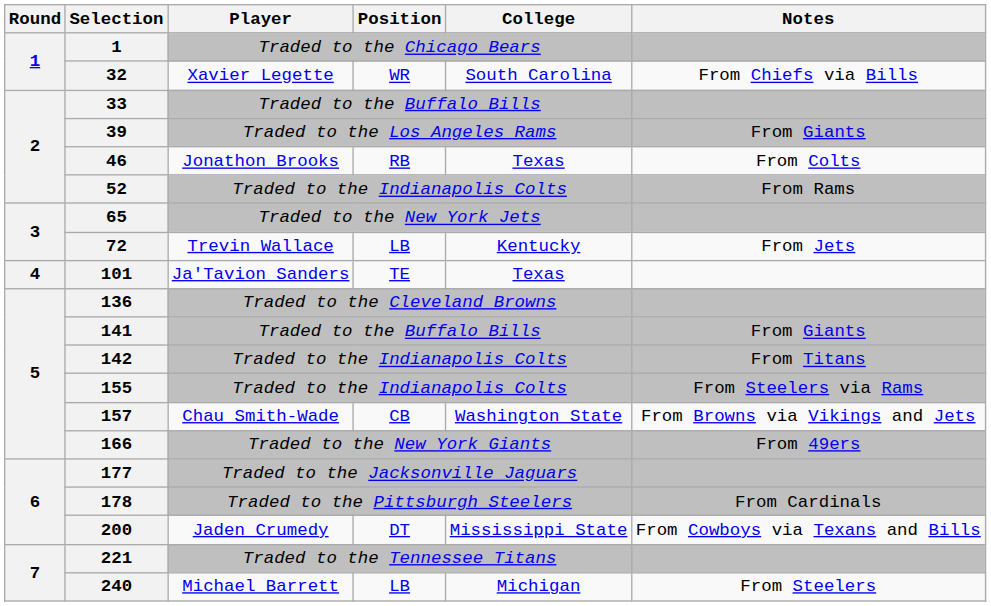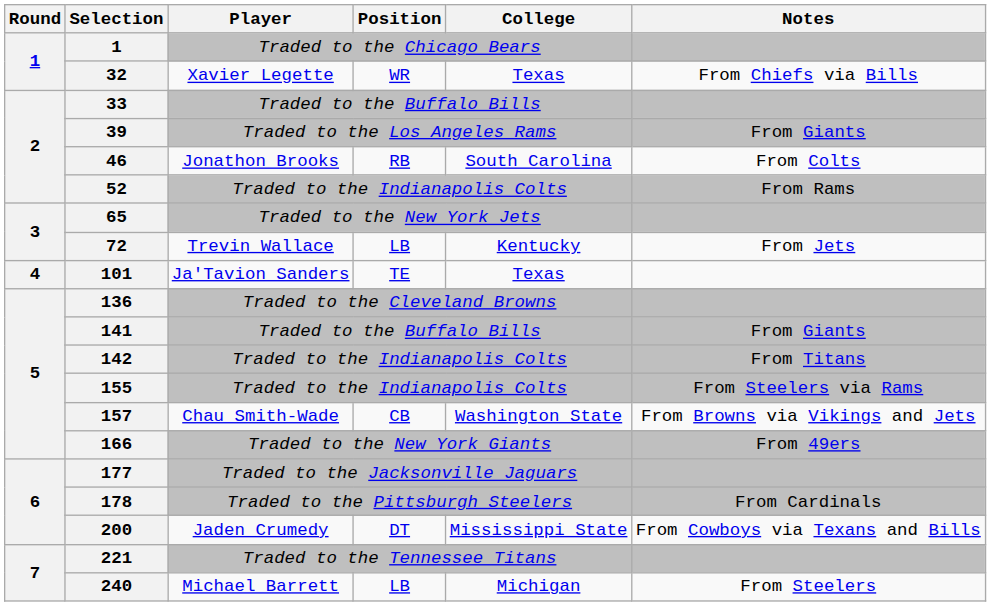 <table class="wikitable" style="text-align:center">
 <tr>
 <th>Round</th>
 <th>Selection</th>
 <th>Player</th>
 <th>Position</th>
 <th>College</th>
 <th>Notes</th>
 </tr>
 <tr>
 <th rowspan="2"><a href='#'>1</a></th>
 <th>1</th>
 <td colspan="3" style="background:#BFBFBF"><em>Traded to the <a href='#'>Chicago Bears</a></em></td>
 <td style="background:#BFBFBF"></td>
 </tr>
 <tr>
 <th>32</th>
 <td><a href='#'>Xavier Legette</a></td>
 <td><a href='#'>WR</a></td>
-<td><a href='#'>South Carolina</a></td>
+<td><a href='#'>Texas</a></td>
 <td>From <a href='#'>Chiefs</a> via <a href='#'>Bills</a></td>
 </tr>
 <tr>
 <th rowspan="4">2</th>
 <th>33</th>
 <td colspan="3" style="background:#BFBFBF"><em>Traded to the <a href='#'>Buffalo Bills</a></em></td>
 <td style="background:#BFBFBF"></td>
 </tr>
 <tr>
 <th>39</th>
 <td colspan="3" style="background:#BFBFBF"><em>Traded to the <a href='#'>Los Angeles Rams</a></em></td>
 <td style="background:#BFBFBF">From <a href='#'>Giants</a></td>
 </tr>
 <tr>
 <th>46</th>
 <td><a href='#'>Jonathon Brooks</a></td>
 <td><a href='#'>RB</a></td>
-<td><a href='#'>Texas</a></td>
+<td><a href='#'>South Carolina</a></td>
 <td>From <a href='#'>Colts</a></td>
 </tr>
 <tr>
 <th>52</th>
 <td colspan="3" style="background:#BFBFBF"><em>Traded to the <a href='#'>Indianapolis Colts</a></em></td>
 <td style="background:#BFBFBF">From Rams</td>
 </tr>
 <tr>
 <th rowspan="2">3</th>
 <th>65</th>
 <td colspan="3" style="background:#BFBFBF"><em>Traded to the <a href='#'>New York Jets</a></em></td>
 <td style="background:#BFBFBF"></td>
 </tr>
 <tr>
 <th>72</th>
 <td><a href='#'>Trevin Wallace</a></td>
 <td><a href='#'>LB</a></td>
 <td><a href='#'>Kentucky</a></td>
 <td>From <a href='#'>Jets</a></td>
 </tr>
 <tr>
 <th>4</th>
 <th>101</th>
 <td><a href='#'>Ja'Tavion Sanders</a></td>
 <td><a href='#'>TE</a></td>
 <td><a href='#'>Texas</a></td>
 <td></td>
 </tr>
 <tr>
 <th rowspan="6">5</th>
 <th>136</th>
 <td colspan="3" style="background:#BFBFBF"><em>Traded to the <a href='#'>Cleveland Browns</a></em></td>
 <td style="background:#BFBFBF"></td>
 </tr>
 <tr>
 <th>141</th>
 <td colspan="3" style="background:#BFBFBF"><em>Traded to the <a href='#'>Buffalo Bills</a></em></td>
 <td style="background:#BFBFBF">From <a href='#'>Giants</a></td>
 </tr>
 <tr>
 <th>142</th>
 <td colspan="3" style="background:#BFBFBF"><em>Traded to the <a href='#'>Indianapolis Colts</a></em></td>
 <td style="background:#BFBFBF">From <a href='#'>Titans</a></td>
 </tr>
 <tr>
 <th>155</th>
 <td colspan="3" style="background:#BFBFBF"><em>Traded to the <a href='#'>Indianapolis Colts</a></em></td>
 <td style="background:#BFBFBF">From <a href='#'>Steelers</a> via <a href='#'>Rams</a></td>
 </tr>
 <tr>
 <th>157</th>
 <td><a href='#'>Chau Smith-Wade</a></td>
 <td><a href='#'>CB</a></td>
 <td><a href='#'>Washington State</a></td>
 <td>From <a href='#'>Browns</a> via <a href='#'>Vikings</a> and <a href='#'>Jets</a></td>
 </tr>
 <tr>
 <th>166</th>
 <td colspan="3" style="background:#BFBFBF"><em>Traded to the <a href='#'>New York Giants</a></em></td>
 <td style="background:#BFBFBF">From <a href='#'>49ers</a></td>
 </tr>
 <tr>
 <th rowspan="3">6</th>
 <th>177</th>
 <td colspan="3" style="background:#BFBFBF"><em>Traded to the <a href='#'>Jacksonville Jaguars</a></em></td>
 <td style="background:#BFBFBF"></td>
 </tr>
 <tr>
 <th>178</th>
 <td colspan="3" style="background:#BFBFBF"><em>Traded to the <a href='#'>Pittsburgh Steelers</a></em></td>
 <td style="background:#BFBFBF">From Cardinals</td>
 </tr>
 <tr>
 <th>200</th>
 <td><a href='#'>Jaden Crumedy</a></td>
 <td><a href='#'>DT</a></td>
 <td><a href='#'>Mississippi State</a></td>
 <td>From <a href='#'>Cowboys</a> via <a href='#'>Texans</a> and <a href='#'>Bills</a></td>
 </tr>
 <tr>
 <th rowspan="2">7</th>
 <th>221</th>
 <td colspan="3" style="background:#BFBFBF"><em>Traded to the <a href='#'>Tennessee Titans</a></em></td>
 <td style="background:#BFBFBF"></td>
 </tr>
 <tr>
 <th>240</th>
 <td><a href='#'>Michael Barrett</a></td>
 <td><a href='#'>LB</a></td>
 <td><a href='#'>Michigan</a></td>
 <td>From <a href='#'>Steelers</a></td>
 </tr>
 </table>
